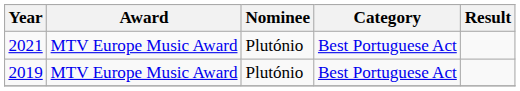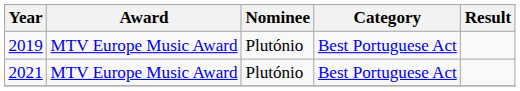 <table class="wikitable">
 <tr>
 <th>Year</th>
 <th>Award</th>
 <th>Nominee</th>
 <th>Category</th>
 <th>Result</th>
 </tr>
 <tr>
-<td><a href='#'>2021</a></td>
+<td><a href='#'>2019</a></td>
 <td><a href='#'>MTV Europe Music Award</a></td>
 <td>Plutónio</td>
 <td><a href='#'>Best Portuguese Act</a></td>
 <td></td>
 </tr>
 <tr>
-<td><a href='#'>2019</a></td>
+<td><a href='#'>2021</a></td>
 <td><a href='#'>MTV Europe Music Award</a></td>
 <td>Plutónio</td>
 <td><a href='#'>Best Portuguese Act</a></td>
 <td></td>
 </tr>
 <tr>
 </tr>
 </table>
